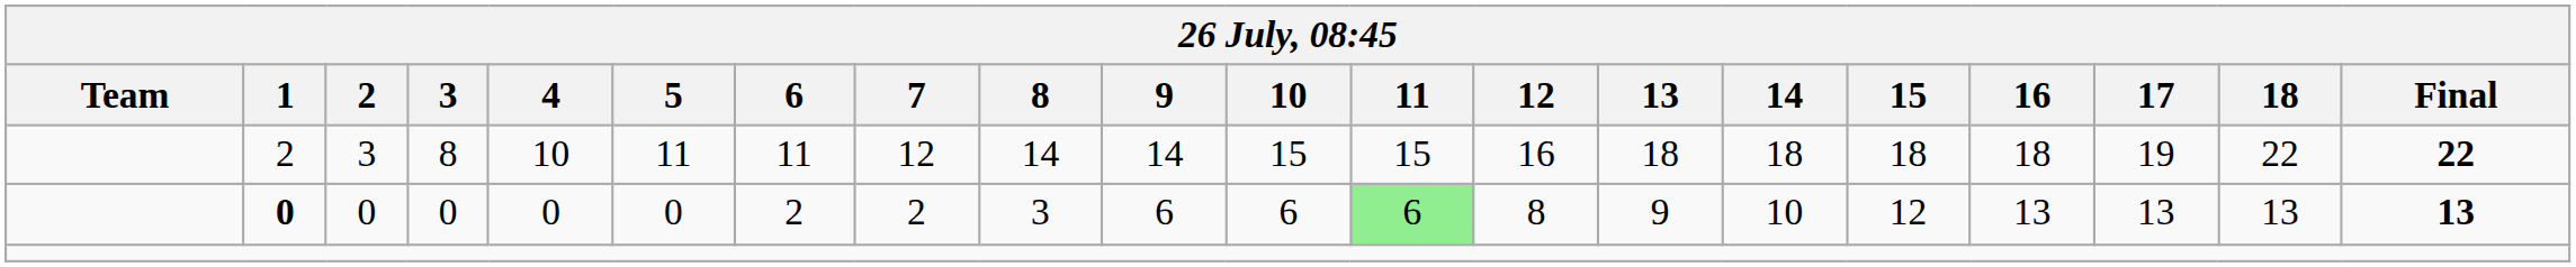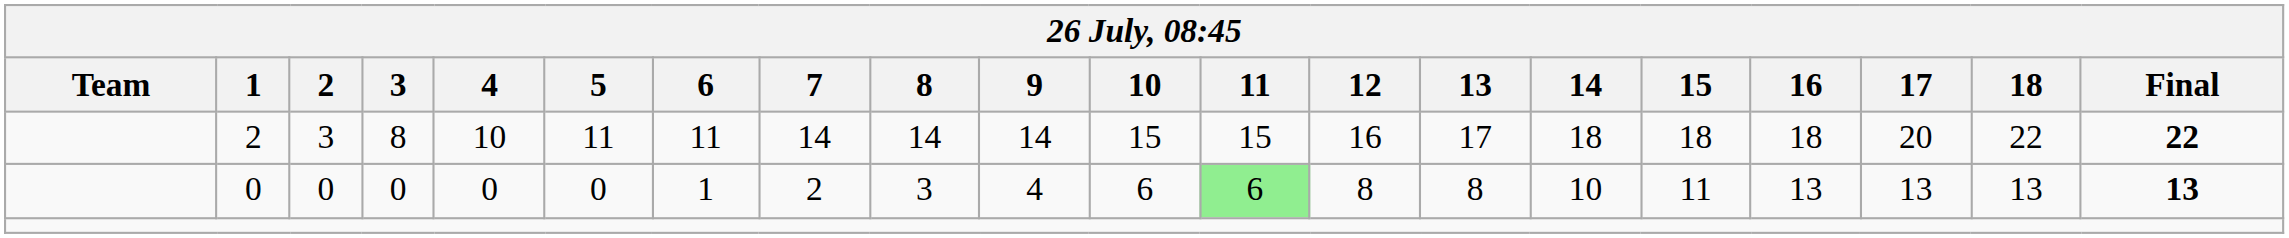 <table class=wikitable style="text-align:center; width: 55%">
 <tr>
 <th colspan=20><em>26 July, 08:45</em></th>
 </tr>
 <tr>
 <th>Team</th>
 <th>1</th>
 <th>2</th>
 <th>3</th>
 <th>4</th>
 <th>5</th>
 <th>6</th>
 <th>7</th>
 <th>8</th>
 <th>9</th>
 <th>10</th>
 <th>11</th>
 <th>12</th>
 <th>13</th>
 <th>14</th>
 <th>15</th>
 <th>16</th>
 <th>17</th>
 <th>18</th>
 <th>Final</th>
 </tr>
 <tr>
 <td align=left><strong></strong></td>
 <td>2</td>
 <td>3</td>
 <td>8</td>
 <td>10</td>
 <td>11</td>
 <td>11</td>
-<td>12</td>
+<td>14</td>
 <td>14</td>
 <td>14</td>
 <td>15</td>
 <td>15</td>
 <td>16</td>
+<td>17</td>
 <td>18</td>
 <td>18</td>
 <td>18</td>
-<td>18</td>
-<td>19</td>
+<td>20</td>
 <td>22</td>
 <td><strong>22</strong></td>
 </tr>
 <tr>
 <td align=left></td>
-<td><strong>0</strong></td>
 <td>0</td>
 <td>0</td>
 <td>0</td>
 <td>0</td>
-<td>2</td>
+<td>0</td>
+<td>1</td>
 <td>2</td>
 <td>3</td>
-<td>6</td>
+<td>4</td>
 <td>6</td>
 <td style="background: lightgreen;">6</td>
 <td>8</td>
-<td>9</td>
+<td>8</td>
 <td>10</td>
-<td>12</td>
+<td>11</td>
 <td>13</td>
 <td>13</td>
 <td>13</td>
 <td><strong>13</strong></td>
 </tr>
 <tr>
 <td colspan=20></td>
 </tr>
 </table>
